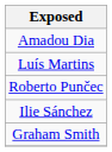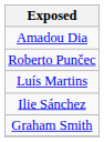 <table class="wikitable" style="text-align:center">
 <tr>
 <th>Exposed</th>
 </tr>
 <tr>
 <td><a href='#'>Amadou Dia</a></td>
 </tr>
 <tr>
-<td><a href='#'>Luís Martins</a></td>
+<td><a href='#'>Roberto Punčec</a></td>
 </tr>
 <tr>
-<td><a href='#'>Roberto Punčec</a></td>
+<td><a href='#'>Luís Martins</a></td>
 </tr>
 <tr>
 <td><a href='#'>Ilie Sánchez</a></td>
 </tr>
 <tr>
 <td><a href='#'>Graham Smith</a></td>
 </tr>
 <tr>
 </tr>
 </table>
